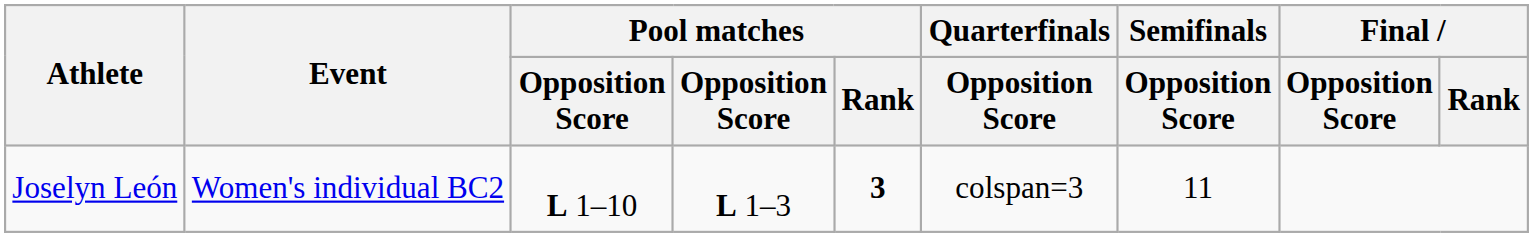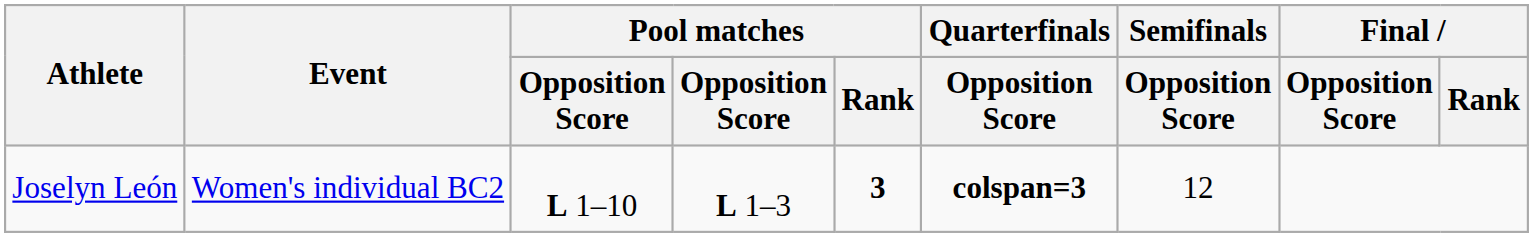 <table class=wikitable style=font-size:90%;text-align:center>
 <tr>
 <th rowspan="2">Athlete</th>
 <th rowspan="2">Event</th>
 <th colspan="3">Pool matches</th>
 <th>Quarterfinals</th>
 <th>Semifinals</th>
 <th colspan=2>Final / </th>
 </tr>
 <tr>
 <th>Opposition<br>Score</th>
 <th>Opposition<br>Score</th>
 <th>Rank</th>
 <th>Opposition<br>Score</th>
 <th>Opposition<br>Score</th>
 <th>Opposition<br>Score</th>
 <th>Rank</th>
 </tr>
 <tr>
 <td align=left><a href='#'>Joselyn León</a></td>
 <td align=left><a href='#'>Women's individual BC2</a></td>
 <td><br><strong>L</strong> 1–10</td>
 <td><br><strong>L</strong> 1–3</td>
 <td><strong>3</strong></td>
-<td>colspan=3 </td>
-<td>11</td>
+<td><strong>colspan=3 </strong></td>
+<td>12</td>
 </tr>
 </table>
